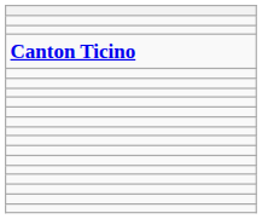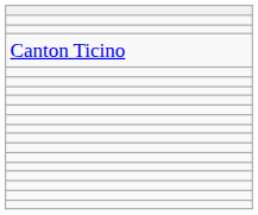 <table class="wikitable" style="font-size:90%" width=20%>
 <tr>
 <th scope="col"></th>
 </tr>
 <tr>
 <td></td>
 </tr>
 <tr>
 <td></td>
 </tr>
 <tr>
-<td><strong> <a href='#'>Canton Ticino</a></strong></td>
+<td> <a href='#'>Canton Ticino</a></td>
 </tr>
 <tr>
 <td></td>
 </tr>
 <tr>
 <td></td>
 </tr>
 <tr>
 <td></td>
 </tr>
 <tr>
 <td></td>
 </tr>
 <tr>
 <td></td>
 </tr>
 <tr>
 <td></td>
 </tr>
 <tr>
 <td></td>
 </tr>
 <tr>
 <td></td>
 </tr>
 <tr>
 <td></td>
 </tr>
 <tr>
 <td></td>
 </tr>
 <tr>
 <td></td>
 </tr>
 <tr>
 <td></td>
 </tr>
 <tr>
 <td></td>
 </tr>
 <tr>
 <td></td>
 </tr>
 <tr>
 <td></td>
 </tr>
 </table>
